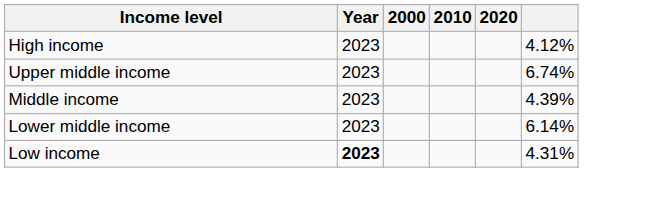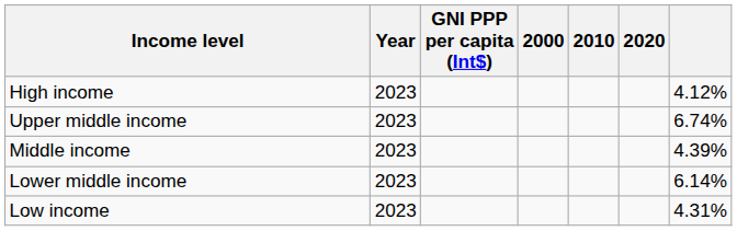 <table class="wikitable sortable sticky-header sort-under col1left ">
 <tr>
 <th style=width:19em>Income level</th>
 <th>Year</th>
+<th>GNI PPP<br>per capita<br>(<a href='#'>Int$</a>)</th>
 <th>2000</th>
 <th>2010</th>
 <th>2020</th>
 <th></th>
 </tr>
 <tr>
 <td>High income</td>
 <td>2023</td>
 <td></td>
 <td></td>
 <td></td>
+<td></td>
 <td>4.12%</td>
 </tr>
 <tr>
 <td>Upper middle income</td>
 <td>2023</td>
+<td></td>
 <td></td>
 <td></td>
 <td></td>
 <td>6.74%</td>
 </tr>
 <tr>
 <td>Middle income</td>
 <td>2023</td>
 <td></td>
 <td></td>
 <td></td>
+<td></td>
 <td>4.39%</td>
 </tr>
 <tr>
 <td>Lower middle income</td>
 <td>2023</td>
 <td></td>
 <td></td>
 <td></td>
+<td></td>
 <td>6.14%</td>
 </tr>
 <tr>
 <td>Low income</td>
-<td><strong>2023</strong></td>
+<td>2023</td>
+<td></td>
 <td></td>
 <td></td>
 <td></td>
 <td>4.31%</td>
 </tr>
 </table>
